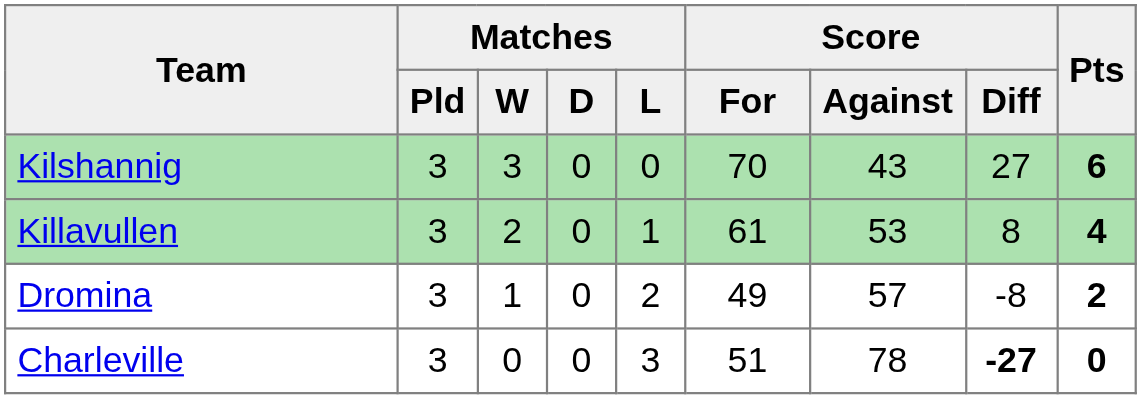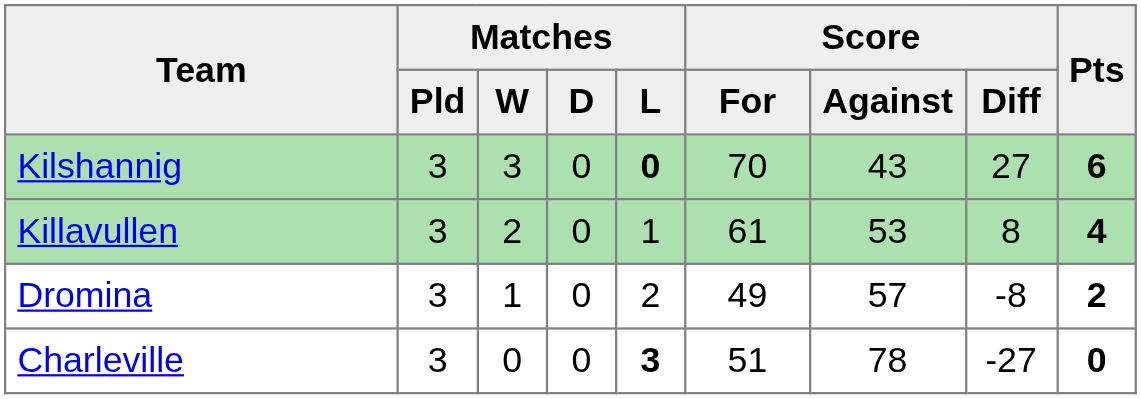 <table style=border-collapse:collapse border=1 cellspacing=0 cellpadding=5>
 <tr align=center bgcolor=#efefef>
 <th rowspan=2 width=165>Team</th>
 <th colspan=4>Matches</th>
 <th colspan=3>Score</th>
 <th rowspan=2width=20>Pts</th>
 </tr>
 <tr align=center bgcolor=#efefef>
 <th width=20>Pld</th>
 <th width=20>W</th>
 <th width=20>D</th>
 <th width=20>L</th>
 <th width=45>For</th>
 <th width=45>Against</th>
 <th width=30>Diff</th>
 </tr>
 <tr align=center style="background:#ACE1AF;">
 <td style="text-align:left;"><a href='#'>Kilshannig</a></td>
 <td>3</td>
 <td>3</td>
 <td>0</td>
-<td>0</td>
+<td><strong>0</strong></td>
 <td>70</td>
 <td>43</td>
 <td>27</td>
 <td><strong>6</strong></td>
 </tr>
 <tr align=center style="background:#ACE1AF;">
 <td style="text-align:left;"><a href='#'>Killavullen</a></td>
 <td>3</td>
 <td>2</td>
 <td>0</td>
 <td>1</td>
 <td>61</td>
 <td>53</td>
 <td>8</td>
 <td><strong>4</strong></td>
 </tr>
 <tr align=center>
 <td style="text-align:left;"><a href='#'>Dromina</a></td>
 <td>3</td>
 <td>1</td>
 <td>0</td>
 <td>2</td>
 <td>49</td>
 <td>57</td>
 <td>-8</td>
 <td><strong>2</strong></td>
 </tr>
 <tr align=center>
 <td style="text-align:left;"><a href='#'>Charleville</a></td>
 <td>3</td>
 <td>0</td>
 <td>0</td>
-<td>3</td>
+<td><strong>3</strong></td>
 <td>51</td>
 <td>78</td>
-<td><strong>-27</strong></td>
+<td>-27</td>
 <td><strong>0</strong></td>
 </tr>
 </table>
